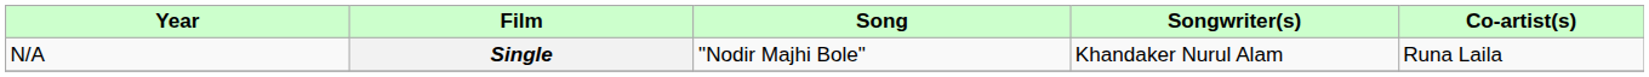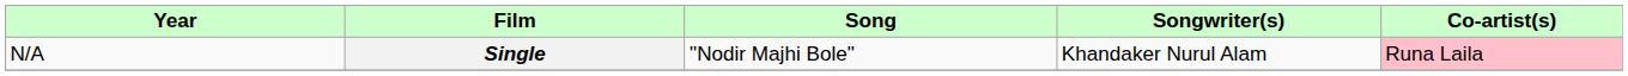 <table class="wikitable plainrowheaders" width="100%" textcolor:#000;">
 <tr style="background:#cfc; text-align:center;">
 <td scope="col" width=21%><strong>Year</strong></td>
 <td scope="col" width=21%><strong>Film</strong></td>
 <td scope="col" width=23%><strong>Song</strong></td>
 <td scope="col" width=20%><strong>Songwriter(s)</strong></td>
 <td scope="col" width=21%><strong>Co-artist(s)</strong></td>
 </tr>
 <tr>
 <td>N/A</td>
 <th><em>Single</em></th>
 <td>"Nodir Majhi Bole"</td>
 <td>Khandaker Nurul Alam</td>
-<td>Runa Laila</td>
+<td style="background: pink;">Runa Laila</td>
 </tr>
 <tr>
 </tr>
 </table>
